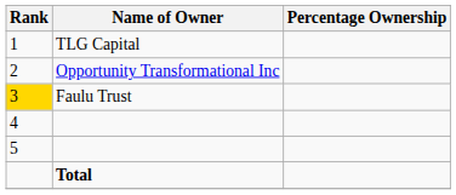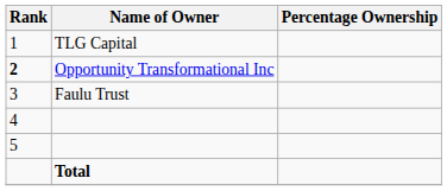 <table class="wikitable sortable" style="margin-left:auto;margin-right:auto">
 <tr>
 <th style="width:2em;">Rank</th>
 <th>Name of Owner</th>
 <th>Percentage Ownership</th>
 </tr>
 <tr>
 <td>1</td>
 <td>TLG Capital</td>
 <td></td>
 </tr>
 <tr>
-<td>2</td>
+<td><strong>2</strong></td>
 <td><a href='#'>Opportunity Transformational Inc</a></td>
 <td></td>
 </tr>
 <tr>
-<td style="background: gold;">3</td>
+<td>3</td>
 <td>Faulu Trust</td>
 <td></td>
 </tr>
 <tr>
 <td>4</td>
 <td></td>
 <td></td>
 </tr>
 <tr>
 <td>5</td>
 <td></td>
 <td></td>
 </tr>
 <tr>
 <td></td>
 <td><strong>Total</strong></td>
 <td></td>
 </tr>
 <tr>
 </tr>
 </table>
